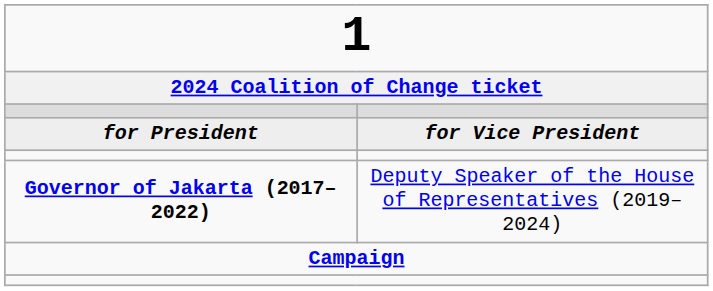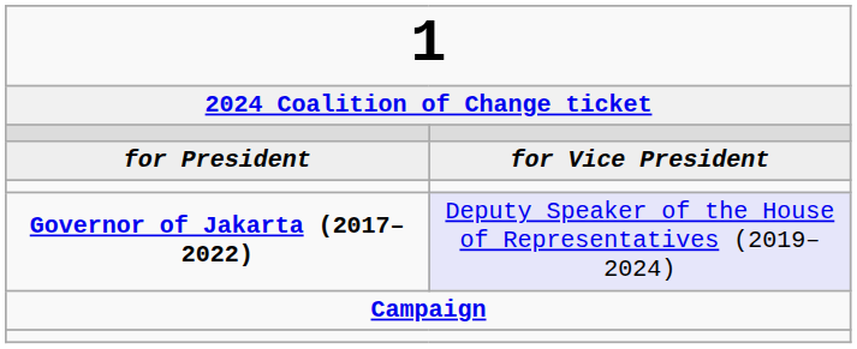 <table class="wikitable" style="font-size:90%; text-align:center;">
 <tr>
 <td colspan=2><big><big><big><big><big><strong>1</strong></big></big></big></big></big></td>
 </tr>
 <tr>
 <td colspan=2 style="background:#f1f1f1;"><strong><a href='#'>2024 Coalition of Change ticket</a></strong></td>
 </tr>
 <tr>
 <th style="font-size:135%; background:#DCDCDC;"><a href='#'></a></th>
 <th style="font-size:135%; background:#DCDCDC;"><a href='#'></a></th>
 </tr>
 <tr style="color:#000; font-size:100%; background:#EEEEEE;">
 <td style="width:3em; width:200px;"><strong><em>for President</em></strong></td>
 <td style="width:3em; width:200px;"><strong><em>for Vice President</em></strong></td>
 </tr>
 <tr>
 <td></td>
 <td></td>
 </tr>
 <tr>
 <td><strong><a href='#'>Governor of Jakarta</a> (2017–2022)</strong></td>
-<td><a href='#'>Deputy Speaker of the House of Representatives</a> (2019–2024)</td>
+<td style="background: lavender;"><a href='#'>Deputy Speaker of the House of Representatives</a> (2019–2024)</td>
 </tr>
 <tr>
 <td colspan=2><strong><a href='#'>Campaign</a></strong></td>
 </tr>
 <tr>
 <td colspan=2></td>
 </tr>
 </table>
